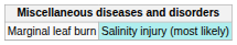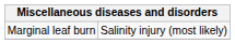 <table class="wikitable" style="clear">
 <tr>
 <th colspan=2><strong>Miscellaneous diseases and disorders</strong><br></th>
 </tr>
 <tr>
 <td>Marginal leaf burn</td>
-<td style="background: paleturquoise;">Salinity injury (most likely)</td>
+<td>Salinity injury (most likely)</td>
 </tr>
 <tr>
 </tr>
 </table>
